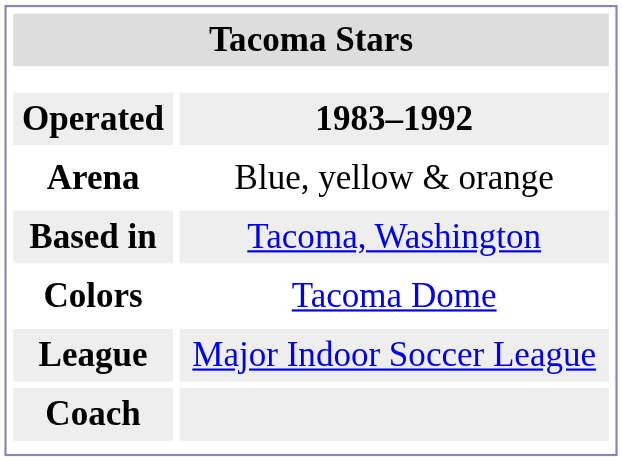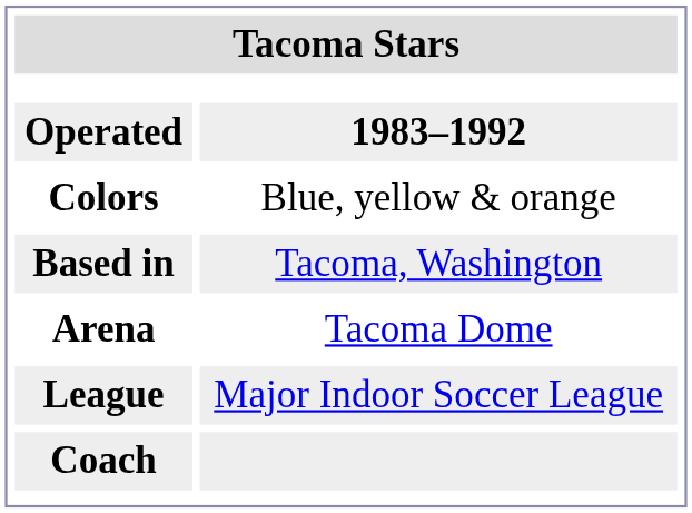 <table style="margin:5px; border:1px solid #8888AA;" align=right cellpadding=3 cellspacing=3 width=280>
 <tr align="center" bgcolor="#dddddd">
 <td colspan=2><strong>Tacoma Stars</strong></td>
 </tr>
 <tr align="center">
 <td colspan=2></td>
 </tr>
 <tr align="center" bgcolor="#eeeeee">
 <td><strong>Operated</strong></td>
 <td><strong>1983–1992</strong></td>
 </tr>
 <tr align="center">
-<td><strong>Arena</strong></td>
+<td><strong>Colors</strong></td>
 <td>Blue, yellow & orange</td>
 </tr>
 <tr align="center" bgcolor="#eeeeee">
 <td><strong>Based in</strong></td>
 <td><a href='#'>Tacoma, Washington</a></td>
 </tr>
 <tr align="center">
-<td><strong>Colors</strong></td>
+<td><strong>Arena</strong></td>
 <td><a href='#'>Tacoma Dome</a></td>
 </tr>
 <tr align="center" bgcolor="#eeeeee">
 <td><strong>League</strong></td>
 <td><a href='#'>Major Indoor Soccer League</a></td>
 </tr>
 <tr align="center" bgcolor="#eeeeee">
 <td><strong>Coach</strong></td>
 <td></td>
 </tr>
 <tr align="center">
 </tr>
 </table>
